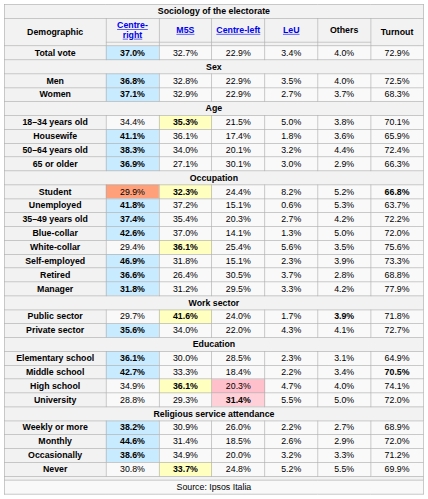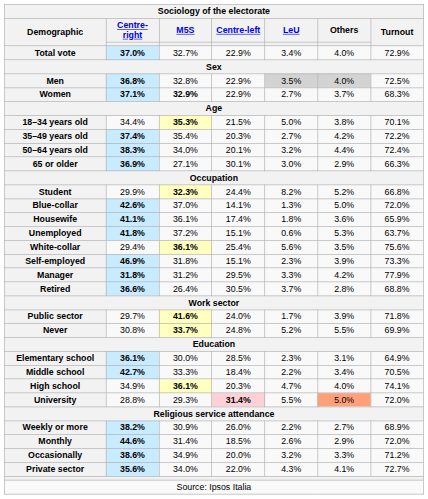 <table class="wikitable" style="font-size:90%; text-align:center">
 <tr>
 <th colspan="7">Sociology of the electorate</th>
 </tr>
 <tr>
 <th scope="col" rowspan="2" class="unsortable" style="width:160px;">Demographic</th>
 <th scope="col" style="width:80px;"><a href='#'>Centre-right</a></th>
 <th scope="col" style="width:80px;"><a href='#'>M5S</a></th>
 <th scope="col" style="width:80px;"><a href='#'>Centre-left</a></th>
 <th scope="col" style="width:80px;"><a href='#'>LeU</a></th>
 <th scope="col" style="width:80px;">Others</th>
 <th scope="col" rowspan="2" style="width:80px;">Turnout</th>
 </tr>
 <tr>
 <th style="background:"></th>
 <th style="background:"></th>
 <th style="background:"></th>
 <th style="background:"></th>
 <th style="background:"></th>
 </tr>
 <tr>
 <th>Total vote</th>
 <td style="background:#C8EBFF"><strong>37.0%</strong></td>
 <td>32.7%</td>
 <td>22.9%</td>
 <td>3.4%</td>
 <td>4.0%</td>
 <td>72.9%</td>
 </tr>
 <tr>
 <th colspan="7">Sex</th>
 </tr>
 <tr>
 <th>Men</th>
 <td style="background:#C8EBFF"><strong>36.8%</strong></td>
 <td>32.8%</td>
 <td>22.9%</td>
-<td>3.5%</td>
-<td>4.0%</td>
+<td style="background: lightgrey;">3.5%</td>
+<td style="background: lightgrey;">4.0%</td>
 <td>72.5%</td>
 </tr>
 <tr>
 <th>Women</th>
 <td style="background:#C8EBFF"><strong>37.1%</strong></td>
-<td>32.9%</td>
+<td><strong>32.9%</strong></td>
 <td>22.9%</td>
 <td>2.7%</td>
 <td>3.7%</td>
 <td>68.3%</td>
 </tr>
 <tr>
 <th colspan="7">Age</th>
 </tr>
 <tr>
 <th>18–34 years old</th>
 <td>34.4%</td>
 <td style="background:#FFFFBF;"><strong>35.3%</strong></td>
 <td>21.5%</td>
 <td>5.0%</td>
 <td>3.8%</td>
 <td>70.1%</td>
 </tr>
 <tr>
-<th>Housewife</th>
-<td style="background:#C8EBFF"><strong>41.1%</strong></td>
-<td>36.1%</td>
-<td>17.4%</td>
-<td>1.8%</td>
-<td>3.6%</td>
-<td>65.9%</td>
+<th>35–49 years old</th>
+<td style="background:#C8EBFF"><strong>37.4%</strong></td>
+<td>35.4%</td>
+<td>20.3%</td>
+<td>2.7%</td>
+<td>4.2%</td>
+<td>72.2%</td>
 </tr>
 <tr>
 <th>50–64 years old</th>
 <td style="background:#C8EBFF"><strong>38.3%</strong></td>
 <td>34.0%</td>
 <td>20.1%</td>
 <td>3.2%</td>
 <td>4.4%</td>
 <td>72.4%</td>
 </tr>
 <tr>
 <th>65 or older</th>
 <td style="background:#C8EBFF"><strong>36.9%</strong></td>
 <td>27.1%</td>
 <td>30.1%</td>
 <td>3.0%</td>
 <td>2.9%</td>
 <td>66.3%</td>
 </tr>
 <tr>
 <th colspan="7">Occupation</th>
 </tr>
 <tr>
 <th>Student</th>
-<td style="background: lightsalmon;">29.9%</td>
+<td>29.9%</td>
 <td style="background:#FFFFBF;"><strong>32.3%</strong></td>
 <td>24.4%</td>
 <td>8.2%</td>
 <td>5.2%</td>
-<td><strong>66.8%</strong></td>
+<td>66.8%</td>
+</tr>
+<tr>
+<th>Blue-collar</th>
+<td style="background:#C8EBFF"><strong>42.6%</strong></td>
+<td>37.0%</td>
+<td>14.1%</td>
+<td>1.3%</td>
+<td>5.0%</td>
+<td>72.0%</td>
+</tr>
+<tr>
+<th>Housewife</th>
+<td style="background:#C8EBFF"><strong>41.1%</strong></td>
+<td>36.1%</td>
+<td>17.4%</td>
+<td>1.8%</td>
+<td>3.6%</td>
+<td>65.9%</td>
 </tr>
 <tr>
 <th>Unemployed</th>
 <td style="background:#C8EBFF"><strong>41.8%</strong></td>
 <td>37.2%</td>
 <td>15.1%</td>
 <td>0.6%</td>
 <td>5.3%</td>
 <td>63.7%</td>
-</tr>
-<tr>
-<th>35–49 years old</th>
-<td style="background:#C8EBFF"><strong>37.4%</strong></td>
-<td>35.4%</td>
-<td>20.3%</td>
-<td>2.7%</td>
-<td>4.2%</td>
-<td>72.2%</td>
-</tr>
-<tr>
-<th>Blue-collar</th>
-<td style="background:#C8EBFF"><strong>42.6%</strong></td>
-<td>37.0%</td>
-<td>14.1%</td>
-<td>1.3%</td>
-<td>5.0%</td>
-<td>72.0%</td>
 </tr>
 <tr>
 <th>White-collar</th>
 <td>29.4%</td>
 <td style="background:#FFFFBF;"><strong>36.1%</strong></td>
 <td>25.4%</td>
 <td>5.6%</td>
 <td>3.5%</td>
 <td>75.6%</td>
 </tr>
 <tr>
 <th>Self-employed</th>
 <td style="background:#C8EBFF"><strong>46.9%</strong></td>
 <td>31.8%</td>
 <td>15.1%</td>
 <td>2.3%</td>
 <td>3.9%</td>
 <td>73.3%</td>
 </tr>
 <tr>
+<th>Manager</th>
+<td style="background:#C8EBFF"><strong>31.8%</strong></td>
+<td>31.2%</td>
+<td>29.5%</td>
+<td>3.3%</td>
+<td>4.2%</td>
+<td>77.9%</td>
+</tr>
+<tr>
 <th>Retired</th>
 <td style="background:#C8EBFF"><strong>36.6%</strong></td>
 <td>26.4%</td>
 <td>30.5%</td>
 <td>3.7%</td>
 <td>2.8%</td>
 <td>68.8%</td>
-</tr>
-<tr>
-<th>Manager</th>
-<td style="background:#C8EBFF"><strong>31.8%</strong></td>
-<td>31.2%</td>
-<td>29.5%</td>
-<td>3.3%</td>
-<td>4.2%</td>
-<td>77.9%</td>
 </tr>
 <tr>
 <th colspan="7">Work sector</th>
 </tr>
 <tr>
 <th>Public sector</th>
 <td>29.7%</td>
 <td style="background:#FFFFBF;"><strong>41.6%</strong></td>
 <td>24.0%</td>
 <td>1.7%</td>
-<td><strong>3.9%</strong></td>
+<td>3.9%</td>
 <td>71.8%</td>
 </tr>
 <tr>
-<th>Private sector</th>
-<td style="background:#C8EBFF"><strong>35.6%</strong></td>
-<td>34.0%</td>
-<td>22.0%</td>
-<td>4.3%</td>
-<td>4.1%</td>
-<td>72.7%</td>
+<th>Never</th>
+<td>30.8%</td>
+<td style="background:#FFFFBF"><strong>33.7%</strong></td>
+<td>24.8%</td>
+<td>5.2%</td>
+<td>5.5%</td>
+<td>69.9%</td>
 </tr>
 <tr>
 <th colspan="7">Education</th>
 </tr>
 <tr>
 <th>Elementary school</th>
 <td style="background:#C8EBFF"><strong>36.1%</strong></td>
 <td>30.0%</td>
 <td>28.5%</td>
 <td>2.3%</td>
 <td>3.1%</td>
 <td>64.9%</td>
 </tr>
 <tr>
 <th>Middle school</th>
 <td style="background:#C8EBFF"><strong>42.7%</strong></td>
 <td>33.3%</td>
 <td>18.4%</td>
 <td>2.2%</td>
 <td>3.4%</td>
-<td><strong>70.5%</strong></td>
+<td>70.5%</td>
 </tr>
 <tr>
 <th>High school</th>
 <td>34.9%</td>
 <td style="background:#FFFFBF;"><strong>36.1%</strong></td>
-<td style="background: pink;">20.3%</td>
+<td>20.3%</td>
 <td>4.7%</td>
 <td>4.0%</td>
 <td>74.1%</td>
 </tr>
 <tr>
 <th>University</th>
 <td>28.8%</td>
 <td>29.3%</td>
 <td style="background:#FFD0D7"><strong>31.4%</strong></td>
 <td>5.5%</td>
-<td>5.0%</td>
+<td style="background: lightsalmon;">5.0%</td>
 <td>72.0%</td>
 </tr>
 <tr>
 <th colspan="7">Religious service attendance</th>
 </tr>
 <tr>
 <th>Weekly or more</th>
 <td style="background:#C8EBFF"><strong>38.2%</strong></td>
 <td>30.9%</td>
 <td>26.0%</td>
 <td>2.2%</td>
 <td>2.7%</td>
 <td>68.9%</td>
 </tr>
 <tr>
 <th>Monthly</th>
 <td style="background:#C8EBFF"><strong>44.6%</strong></td>
 <td>31.4%</td>
 <td>18.5%</td>
 <td>2.6%</td>
 <td>2.9%</td>
 <td>72.0%</td>
 </tr>
 <tr>
 <th>Occasionally</th>
 <td style="background:#C8EBFF"><strong>38.6%</strong></td>
 <td>34.9%</td>
 <td>20.0%</td>
 <td>3.2%</td>
 <td>3.3%</td>
 <td>71.2%</td>
 </tr>
 <tr>
-<th>Never</th>
-<td>30.8%</td>
-<td style="background:#FFFFBF"><strong>33.7%</strong></td>
-<td>24.8%</td>
-<td>5.2%</td>
-<td>5.5%</td>
-<td>69.9%</td>
+<th>Private sector</th>
+<td style="background:#C8EBFF"><strong>35.6%</strong></td>
+<td>34.0%</td>
+<td>22.0%</td>
+<td>4.3%</td>
+<td>4.1%</td>
+<td>72.7%</td>
 </tr>
 <tr>
 <th colspan="7"></th>
 </tr>
 <tr>
 <td colspan="7">Source: Ipsos Italia</td>
 </tr>
 </table>
